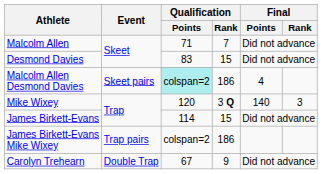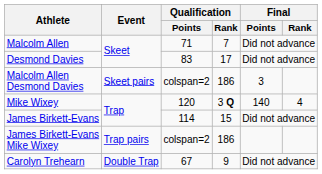 <table class="wikitable" style="font-size:90%;">
 <tr>
 <th rowspan=2>Athlete</th>
 <th rowspan=2>Event</th>
 <th colspan=2>Qualification</th>
 <th colspan=2>Final</th>
 </tr>
 <tr style="font-size:95%">
 <th>Points</th>
 <th>Rank</th>
 <th>Points</th>
 <th>Rank</th>
 </tr>
 <tr align=center>
 <td align=left><a href='#'>Malcolm Allen</a></td>
 <td align=left rowspan=2><a href='#'>Skeet</a></td>
 <td>71</td>
 <td>7</td>
 <td colspan=2>Did not advance</td>
 </tr>
 <tr align=center>
 <td align=left><a href='#'>Desmond Davies</a></td>
 <td>83</td>
-<td>15</td>
+<td>17</td>
 <td colspan=2>Did not advance</td>
 </tr>
 <tr align=center>
 <td align=left><a href='#'>Malcolm Allen</a><br><a href='#'>Desmond Davies</a></td>
 <td align=left rowspan=1><a href='#'>Skeet pairs</a></td>
-<td style="background: paleturquoise;">colspan=2 </td>
+<td>colspan=2 </td>
 <td>186</td>
-<td>4</td>
+<td>3</td>
 </tr>
 <tr align=center>
 <td align=left><a href='#'>Mike Wixey</a></td>
 <td align=left rowspan=2><a href='#'>Trap</a></td>
 <td>120</td>
 <td>3 <strong>Q</strong></td>
 <td>140</td>
-<td>3</td>
+<td>4</td>
 </tr>
 <tr align=center>
 <td align=left><a href='#'>James Birkett-Evans</a></td>
 <td>114</td>
 <td>15</td>
 <td colspan=2>Did not advance</td>
 </tr>
 <tr align=center>
 <td align=left><a href='#'>James Birkett-Evans</a><br><a href='#'>Mike Wixey</a></td>
 <td align=left rowspan=1><a href='#'>Trap pairs</a></td>
 <td>colspan=2 </td>
 <td>186</td>
 <td></td>
 </tr>
 <tr align=center>
 <td align=left><a href='#'>Carolyn Trehearn</a></td>
 <td align=left rowspan=2><a href='#'>Double Trap</a></td>
 <td>67</td>
 <td>9</td>
 <td colspan=2>Did not advance</td>
 </tr>
 </table>
